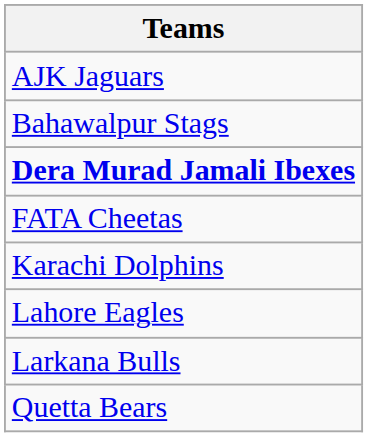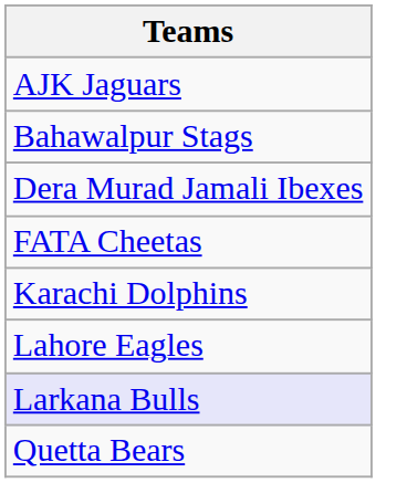 <table class="wikitable">
 <tr>
 <th>Teams</th>
 </tr>
 <tr>
 <td><a href='#'>AJK Jaguars</a></td>
 </tr>
 <tr>
 <td><a href='#'>Bahawalpur Stags</a></td>
 </tr>
 <tr>
-<td><strong><a href='#'>Dera Murad Jamali Ibexes</a></strong></td>
+<td><a href='#'>Dera Murad Jamali Ibexes</a></td>
 </tr>
 <tr>
 <td><a href='#'>FATA Cheetas</a></td>
 </tr>
 <tr>
 <td><a href='#'>Karachi Dolphins</a></td>
 </tr>
 <tr>
 <td><a href='#'>Lahore Eagles</a></td>
 </tr>
 <tr>
-<td><a href='#'>Larkana Bulls</a></td>
+<td style="background: lavender;"><a href='#'>Larkana Bulls</a></td>
 </tr>
 <tr>
 <td><a href='#'>Quetta Bears</a></td>
 </tr>
 </table>
